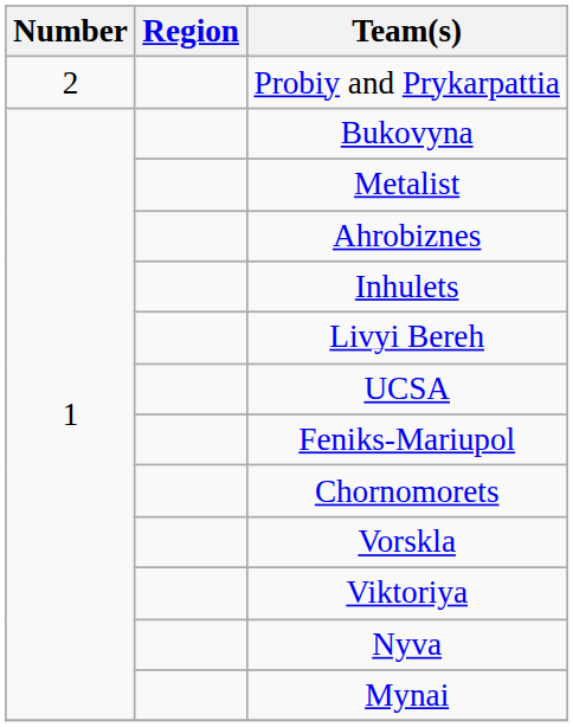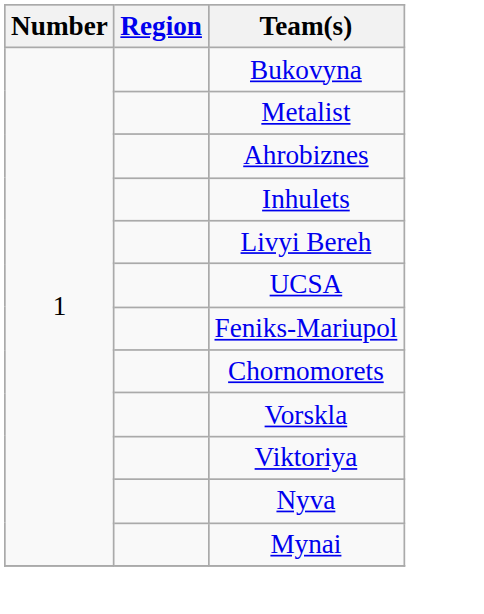 <table class="wikitable" style="text-align:center">
 <tr>
 <th>Number</th>
 <th><a href='#'>Region</a></th>
 <th>Team(s)</th>
-</tr>
-<tr>
-<td rowspan="1">2</td>
-<td align="left"></td>
-<td><a href='#'>Probiy</a> and <a href='#'>Prykarpattia</a></td>
 </tr>
 <tr>
 <td rowspan="12">1</td>
 <td align="left"></td>
 <td><a href='#'>Bukovyna</a></td>
 </tr>
 <tr>
 <td align="left"></td>
 <td><a href='#'>Metalist</a></td>
 </tr>
 <tr>
 <td align="left"></td>
 <td><a href='#'>Ahrobiznes</a> </td>
 </tr>
 <tr>
 <td align="left"></td>
 <td><a href='#'>Inhulets</a></td>
 </tr>
 <tr>
 <td align="left"></td>
 <td><a href='#'>Livyi Bereh</a></td>
 </tr>
 <tr>
 <td align="left"></td>
 <td><a href='#'>UCSA</a></td>
 </tr>
 <tr>
 <td align="left"></td>
 <td><a href='#'>Feniks-Mariupol</a></td>
 </tr>
 <tr>
 <td align="left"></td>
 <td><a href='#'>Chornomorets</a></td>
 </tr>
 <tr>
 <td align="left"></td>
 <td><a href='#'>Vorskla</a></td>
 </tr>
 <tr>
 <td align="left"></td>
 <td><a href='#'>Viktoriya</a></td>
 </tr>
 <tr>
 <td align="left"></td>
 <td><a href='#'>Nyva</a></td>
 </tr>
 <tr>
 <td align="left"></td>
 <td><a href='#'>Mynai</a></td>
 </tr>
 <tr>
 </tr>
 </table>
